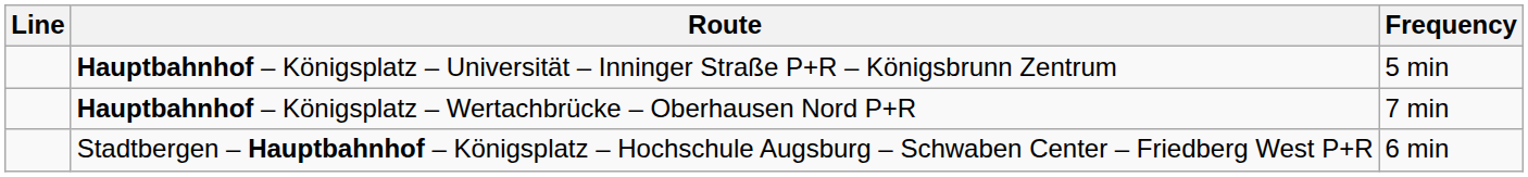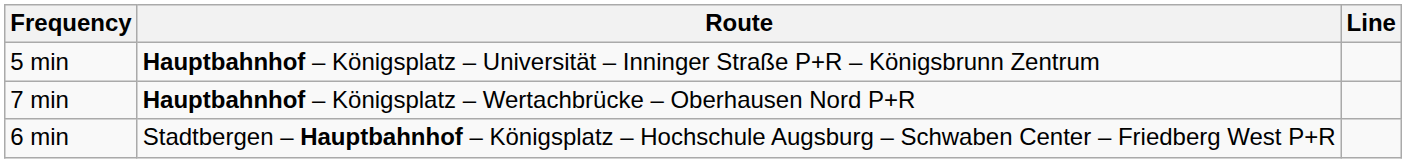 <table class="wikitable">
 <tr>
+<th>Frequency</th>
+<th>Route</th>
 <th style="text-align:center">Line</th>
-<th>Route</th>
-<th>Frequency</th>
 </tr>
 <tr>
+<td>5 min</td>
+<td><strong>Hauptbahnhof</strong> – Königsplatz – Universität – Inninger Straße P+R – Königsbrunn Zentrum</td>
 <td style="text-align:center"></td>
-<td><strong>Hauptbahnhof</strong> – Königsplatz – Universität – Inninger Straße P+R – Königsbrunn Zentrum</td>
-<td>5 min</td>
 </tr>
 <tr>
+<td>7 min</td>
+<td><strong>Hauptbahnhof</strong> – Königsplatz – Wertachbrücke – Oberhausen Nord P+R</td>
 <td style="text-align:center"></td>
-<td><strong>Hauptbahnhof</strong> – Königsplatz – Wertachbrücke – Oberhausen Nord P+R</td>
-<td>7 min</td>
 </tr>
 <tr>
+<td>6 min</td>
+<td>Stadtbergen – <strong>Hauptbahnhof</strong> – Königsplatz  – Hochschule Augsburg – Schwaben Center – Friedberg West P+R</td>
 <td style="text-align:center"></td>
-<td>Stadtbergen – <strong>Hauptbahnhof</strong> – Königsplatz  – Hochschule Augsburg – Schwaben Center – Friedberg West P+R</td>
-<td>6 min</td>
 </tr>
 </table>
